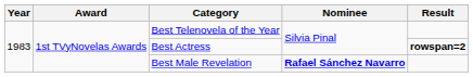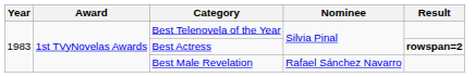 <table class="wikitable">
 <tr style="background:#b0c4de;">
 <th>Year</th>
 <th>Award</th>
 <th>Category</th>
 <th>Nominee</th>
 <th>Result</th>
 </tr>
 <tr>
 <td rowspan=3>1983</td>
 <td rowspan=3><a href='#'>1st TVyNovelas Awards</a></td>
 <td><a href='#'>Best Telenovela of the Year</a></td>
 <td rowspan=2><a href='#'>Silvia Pinal</a></td>
 <td></td>
 </tr>
 <tr>
 <td><a href='#'>Best Actress</a></td>
 <td><strong>rowspan=2 </strong></td>
 </tr>
 <tr>
 <td><a href='#'>Best Male Revelation</a></td>
-<td><strong><a href='#'>Rafael Sánchez Navarro</a></strong></td>
+<td><a href='#'>Rafael Sánchez Navarro</a></td>
 </tr>
 </table>
